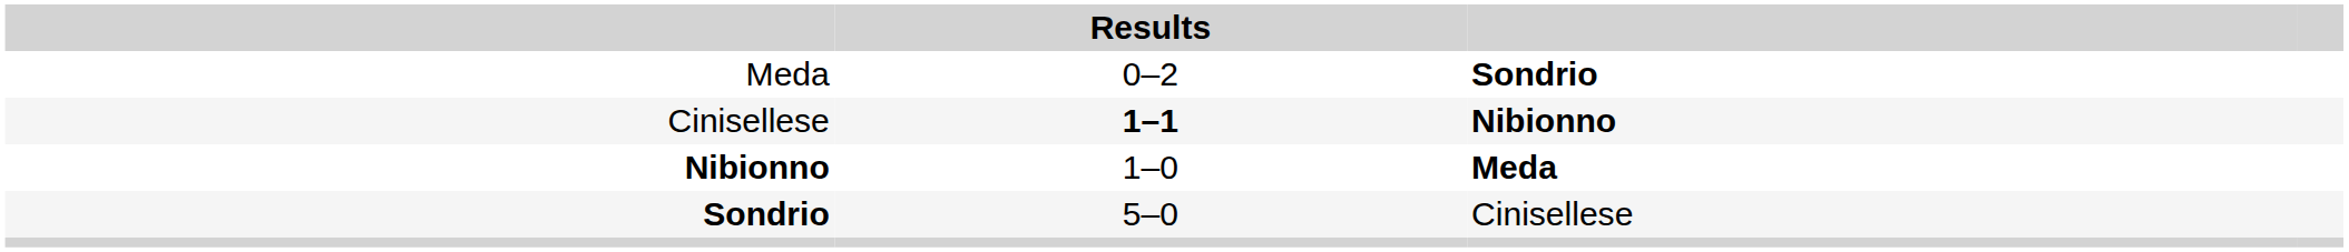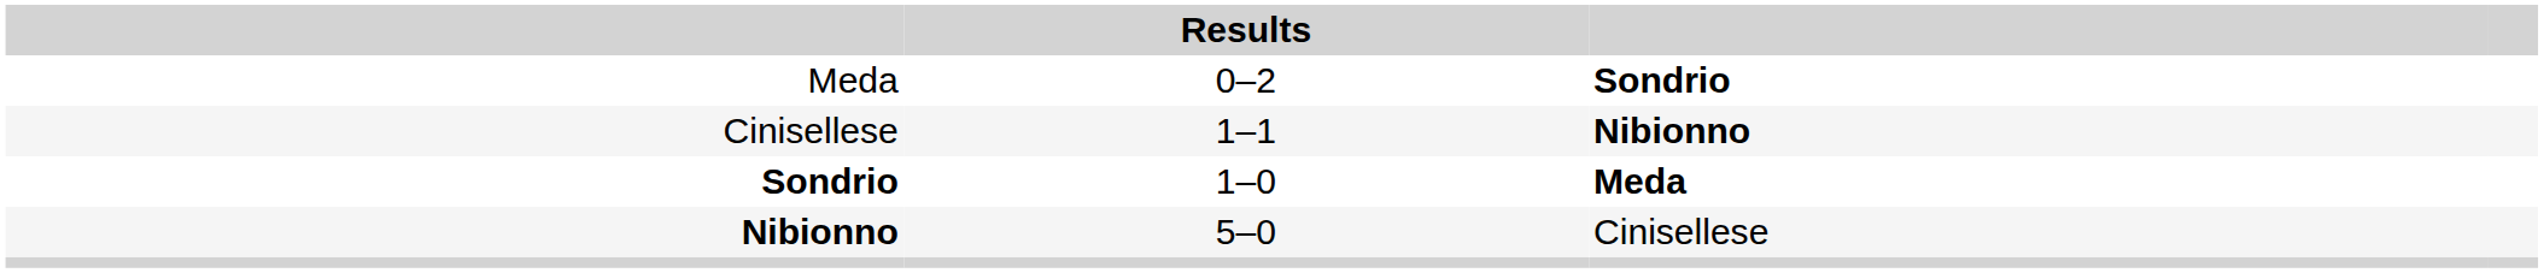 <table align=center style="font-size: 85%; border-collapse:collapse" border=0 cellspacing=0 cellpadding=2 width=60%>
 <tr bgcolor="D3D3D3">
 <th align=right></th>
 <th align=center>Results</th>
 <th align=left></th>
 <th align=center></th>
 </tr>
 <tr bgcolor=#FFFFFF>
 <td align=right>Meda</td>
 <td align=center>0–2</td>
 <td><strong>Sondrio</strong></td>
 <td align=center></td>
 </tr>
 <tr bgcolor=#F5F5F5>
 <td align=right>Cinisellese</td>
-<td align=center><strong>1–1</strong></td>
+<td align=center>1–1</td>
 <td><strong>Nibionno</strong></td>
 <td align=center></td>
 </tr>
 <tr bgcolor=#FFFFFF>
-<td align=right><strong>Nibionno</strong></td>
+<td align=right><strong>Sondrio</strong></td>
 <td align=center>1–0</td>
 <td><strong>Meda</strong></td>
 <td align=center></td>
 </tr>
 <tr bgcolor=#F5F5F5>
-<td align=right><strong>Sondrio</strong></td>
+<td align=right><strong>Nibionno</strong></td>
 <td align=center>5–0</td>
 <td>Cinisellese</td>
 <td align=center></td>
 </tr>
 <tr align=center style="background:#D3D3D3;">
 <td></td>
 <td></td>
 <td></td>
 <td></td>
 </tr>
 </table>
